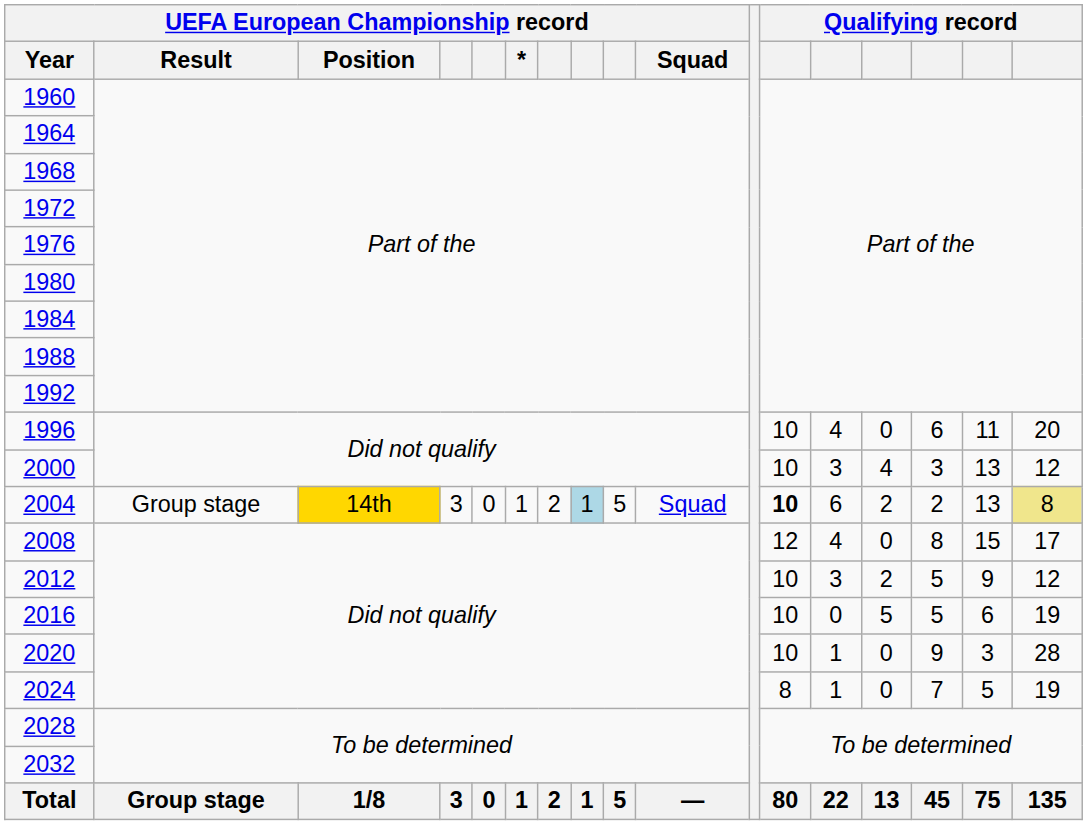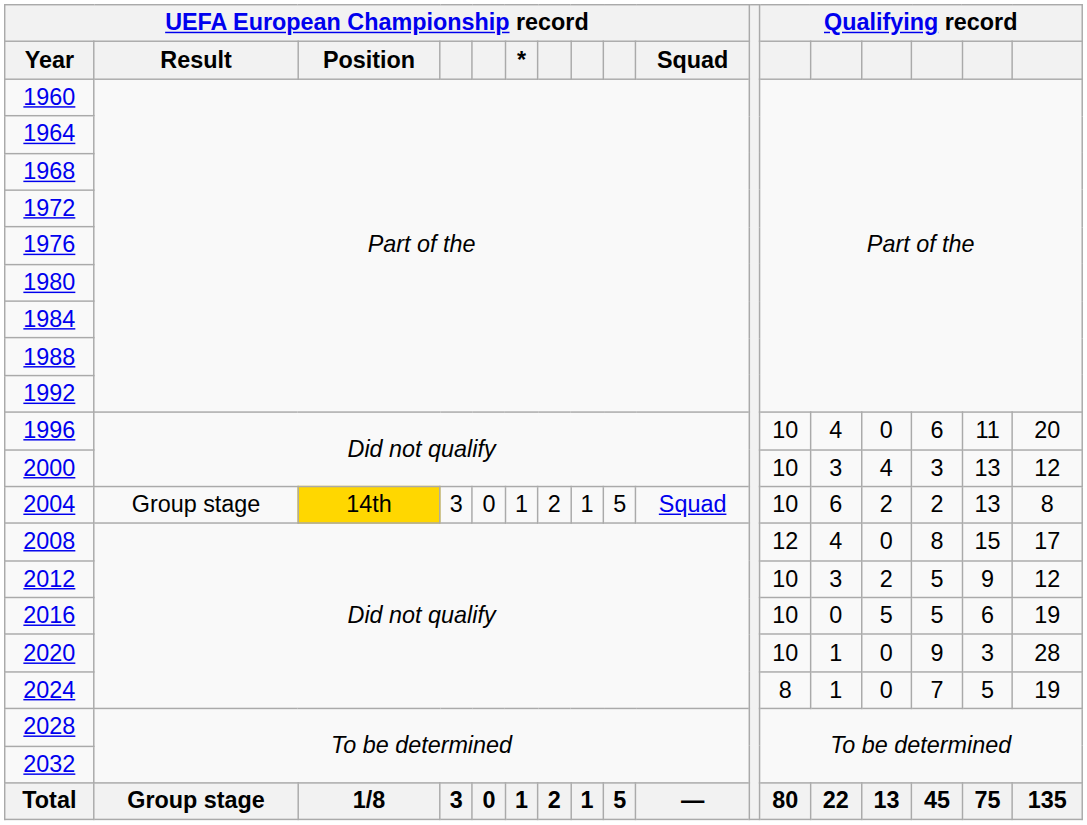 <table class="wikitable" style="text-align: center;">
 <tr>
 <th colspan=10><a href='#'>UEFA European Championship</a> record</th>
 <th style="width:1%;" rowspan=22></th>
 <th colspan=6><a href='#'>Qualifying</a> record</th>
 </tr>
 <tr>
 <th>Year</th>
 <th>Result</th>
 <th>Position</th>
 <th></th>
 <th></th>
 <th>*</th>
 <th></th>
 <th></th>
 <th></th>
 <th>Squad</th>
 <th></th>
 <th></th>
 <th></th>
 <th></th>
 <th></th>
 <th></th>
 </tr>
 <tr>
 <td> <a href='#'>1960</a></td>
 <td colspan=9 rowspan=9><em>Part of the </em></td>
 <td colspan=6 rowspan=9><em>Part of the </em></td>
 </tr>
 <tr>
 <td> <a href='#'>1964</a></td>
 </tr>
 <tr>
 <td> <a href='#'>1968</a></td>
 </tr>
 <tr>
 <td> <a href='#'>1972</a></td>
 </tr>
 <tr>
 <td> <a href='#'>1976</a></td>
 </tr>
 <tr>
 <td> <a href='#'>1980</a></td>
 </tr>
 <tr>
 <td> <a href='#'>1984</a></td>
 </tr>
 <tr>
 <td> <a href='#'>1988</a></td>
 </tr>
 <tr>
 <td> <a href='#'>1992</a></td>
 </tr>
 <tr>
 <td> <a href='#'>1996</a></td>
 <td colspan=9 rowspan=2><em>Did not qualify</em></td>
 <td>10</td>
 <td>4</td>
 <td>0</td>
 <td>6</td>
 <td>11</td>
 <td>20</td>
 </tr>
 <tr>
 <td>  <a href='#'>2000</a></td>
 <td>10</td>
 <td>3</td>
 <td>4</td>
 <td>3</td>
 <td>13</td>
 <td>12</td>
 </tr>
 <tr>
 <td> <a href='#'>2004</a></td>
 <td>Group stage</td>
 <td style="background: gold;">14th</td>
 <td>3</td>
 <td>0</td>
 <td>1</td>
 <td>2</td>
-<td style="background: lightblue;">1</td>
+<td>1</td>
 <td>5</td>
 <td><a href='#'>Squad</a></td>
-<td><strong>10</strong></td>
+<td>10</td>
 <td>6</td>
 <td>2</td>
 <td>2</td>
 <td>13</td>
-<td style="background: khaki;">8</td>
+<td>8</td>
 </tr>
 <tr>
 <td>  <a href='#'>2008</a></td>
 <td colspan=9 rowspan=5><em>Did not qualify</em></td>
 <td>12</td>
 <td>4</td>
 <td>0</td>
 <td>8</td>
 <td>15</td>
 <td>17</td>
 </tr>
 <tr>
 <td>  <a href='#'>2012</a></td>
 <td>10</td>
 <td>3</td>
 <td>2</td>
 <td>5</td>
 <td>9</td>
 <td>12</td>
 </tr>
 <tr>
 <td> <a href='#'>2016</a></td>
 <td>10</td>
 <td>0</td>
 <td>5</td>
 <td>5</td>
 <td>6</td>
 <td>19</td>
 </tr>
 <tr>
 <td> <a href='#'>2020</a></td>
 <td>10</td>
 <td>1</td>
 <td>0</td>
 <td>9</td>
 <td>3</td>
 <td>28</td>
 </tr>
 <tr>
 <td> <a href='#'>2024</a></td>
 <td>8</td>
 <td>1</td>
 <td>0</td>
 <td>7</td>
 <td>5</td>
 <td>19</td>
 </tr>
 <tr>
 <td>  <a href='#'>2028</a></td>
 <td colspan=9 rowspan=2><em>To be determined</em></td>
 <td colspan=6 rowspan=2><em>To be determined</em></td>
 </tr>
 <tr>
 <td>   <a href='#'>2032</a></td>
 </tr>
 <tr>
 <th>Total</th>
 <th>Group stage</th>
 <th>1/8</th>
 <th>3</th>
 <th>0</th>
 <th>1</th>
 <th>2</th>
 <th>1</th>
 <th>5</th>
 <th>—</th>
 <th>80</th>
 <th>22</th>
 <th>13</th>
 <th>45</th>
 <th>75</th>
 <th>135</th>
 </tr>
 </table>
